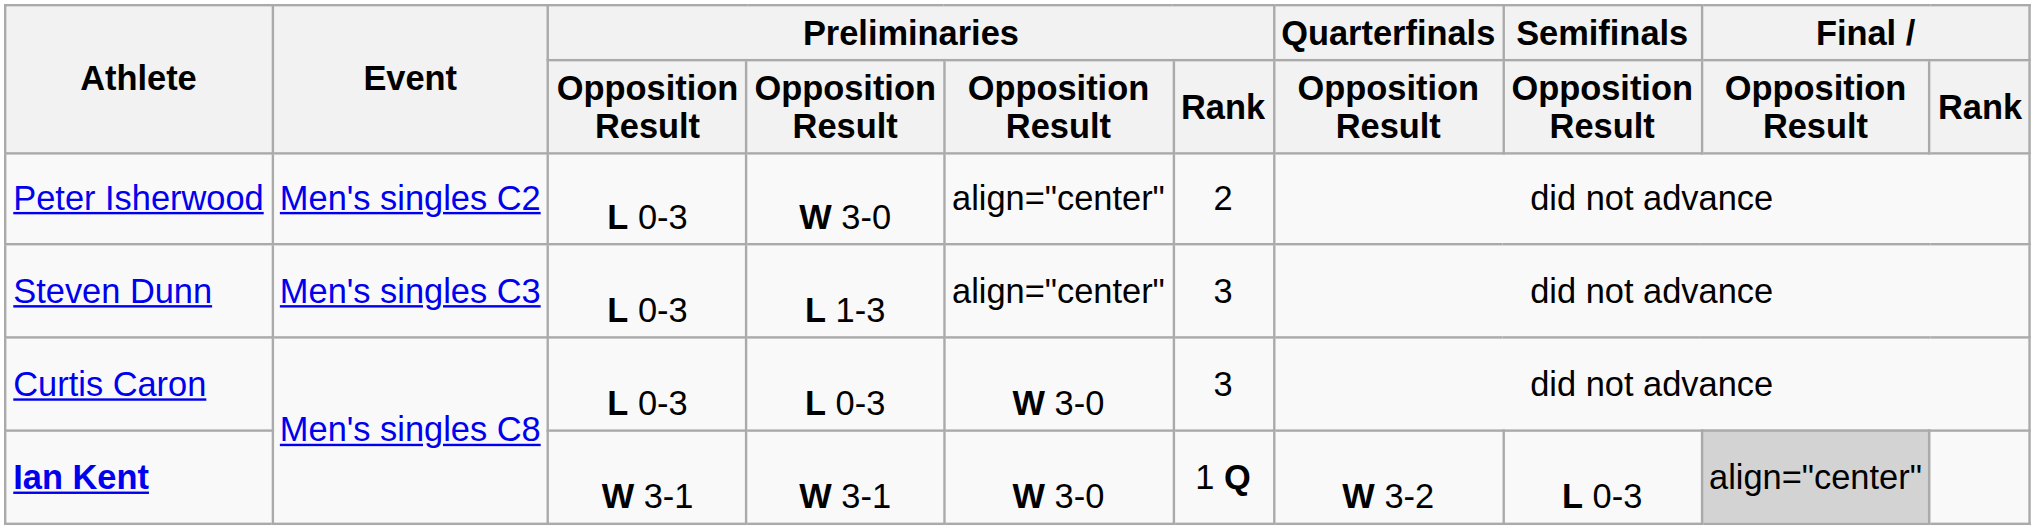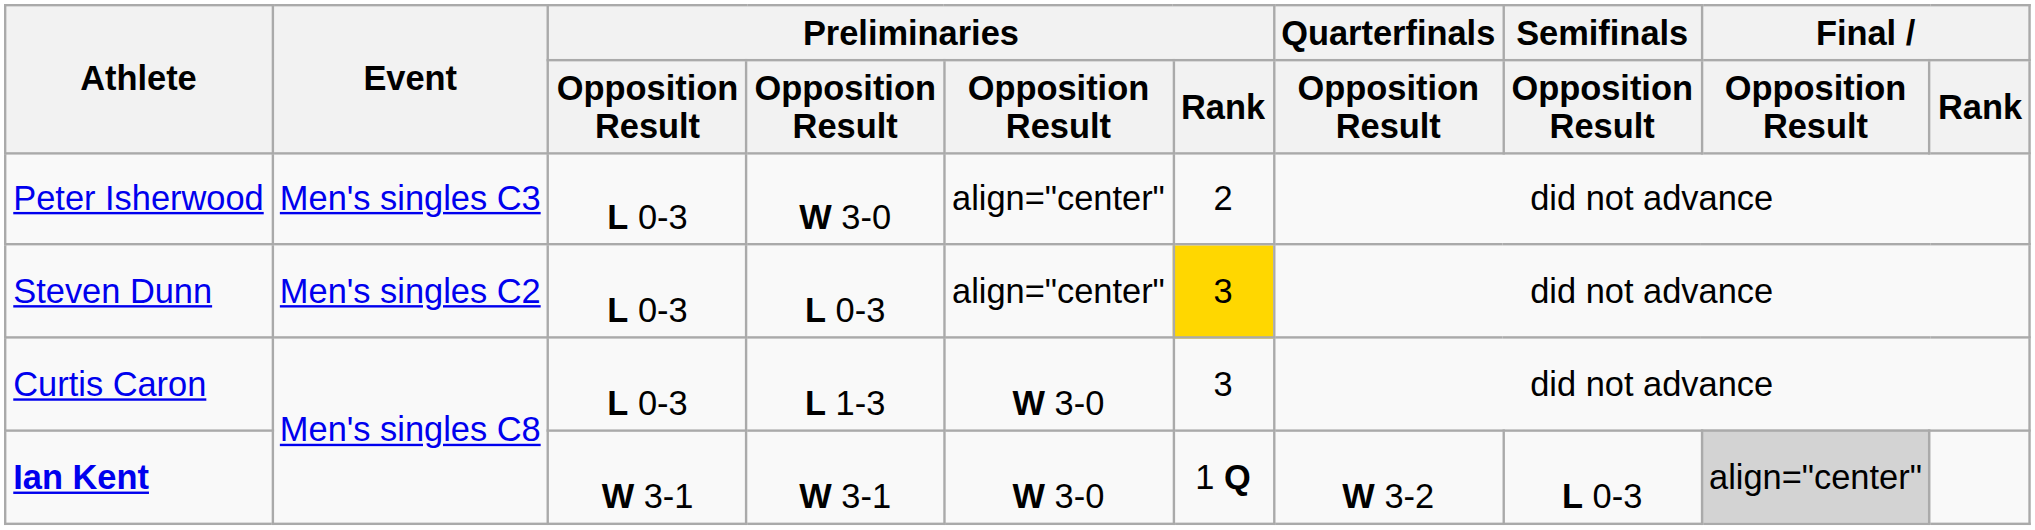 <table class=wikitable style="font-size:90%">
 <tr>
 <th rowspan="2">Athlete</th>
 <th rowspan="2">Event</th>
 <th colspan="4">Preliminaries</th>
 <th>Quarterfinals</th>
 <th>Semifinals</th>
 <th colspan="2">Final / </th>
 </tr>
 <tr>
 <th>Opposition<br>Result</th>
 <th>Opposition<br>Result</th>
 <th>Opposition<br>Result</th>
 <th>Rank</th>
 <th>Opposition<br>Result</th>
 <th>Opposition<br>Result</th>
 <th>Opposition<br>Result</th>
 <th>Rank</th>
 </tr>
 <tr>
 <td><a href='#'>Peter Isherwood</a></td>
-<td><a href='#'>Men's singles C2</a></td>
+<td><a href='#'>Men's singles C3</a></td>
 <td align="center"><br><strong>L</strong> 0-3</td>
 <td align="center"><br><strong>W</strong> 3-0</td>
 <td>align="center" </td>
 <td align="center">2</td>
 <td align="center" colspan=4>did not advance</td>
 </tr>
 <tr>
 <td><a href='#'>Steven Dunn</a></td>
-<td><a href='#'>Men's singles C3</a></td>
+<td><a href='#'>Men's singles C2</a></td>
 <td align="center"><br><strong>L</strong> 0-3</td>
-<td align="center"><br><strong>L</strong> 1-3</td>
+<td align="center"><br><strong>L</strong> 0-3</td>
 <td>align="center" </td>
-<td align="center">3</td>
+<td align="center" style="background: gold;">3</td>
 <td align="center" colspan=4>did not advance</td>
 </tr>
 <tr>
 <td><a href='#'>Curtis Caron</a></td>
 <td rowspan=2><a href='#'>Men's singles C8</a></td>
 <td align="center"><br><strong>L</strong> 0-3</td>
-<td align="center"><br><strong>L</strong> 0-3</td>
+<td align="center"><br><strong>L</strong> 1-3</td>
 <td align="center"><br><strong>W</strong> 3-0</td>
 <td align="center">3</td>
 <td align="center" colspan=4>did not advance</td>
 </tr>
 <tr>
 <td><strong><a href='#'>Ian Kent</a></strong></td>
 <td align="center"><br><strong>W</strong> 3-1</td>
 <td align="center"><br><strong>W</strong> 3-1</td>
 <td align="center"><br><strong>W</strong> 3-0</td>
 <td align="center">1 <strong>Q</strong></td>
 <td align="center"><br><strong>W</strong> 3-2</td>
 <td align="center"><br><strong>L</strong> 0-3</td>
 <td style="background: lightgrey;">align="center" </td>
 <td align="center"></td>
 </tr>
 </table>
